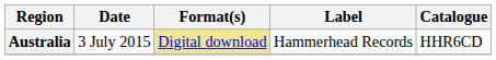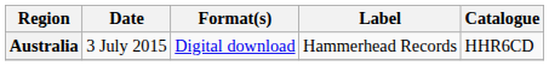 <table class="wikitable plainrowheaders">
 <tr>
 <th scope="col">Region</th>
 <th scope="col">Date</th>
 <th scope="col">Format(s)</th>
 <th scope="col">Label</th>
 <th scope="col">Catalogue</th>
 </tr>
 <tr>
 <th scope="row">Australia</th>
 <td>3 July 2015</td>
-<td style="background: khaki;"><a href='#'>Digital download</a></td>
+<td><a href='#'>Digital download</a></td>
 <td>Hammerhead Records</td>
 <td>HHR6CD</td>
 </tr>
 <tr>
 </tr>
 </table>
